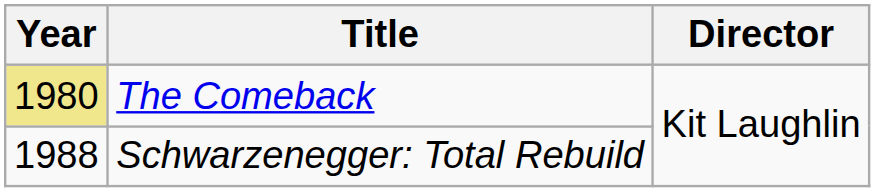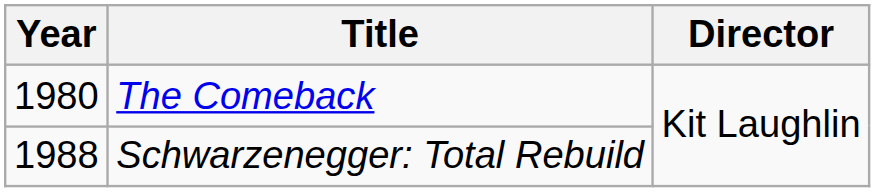 <table class="wikitable">
 <tr>
 <th>Year</th>
 <th>Title</th>
 <th>Director</th>
 </tr>
 <tr>
-<td style="background: khaki;">1980</td>
+<td>1980</td>
 <td><em><a href='#'>The Comeback</a></em></td>
 <td rowspan=2>Kit Laughlin</td>
 </tr>
 <tr>
 <td>1988</td>
 <td><em>Schwarzenegger: Total Rebuild</em></td>
 </tr>
 </table>
